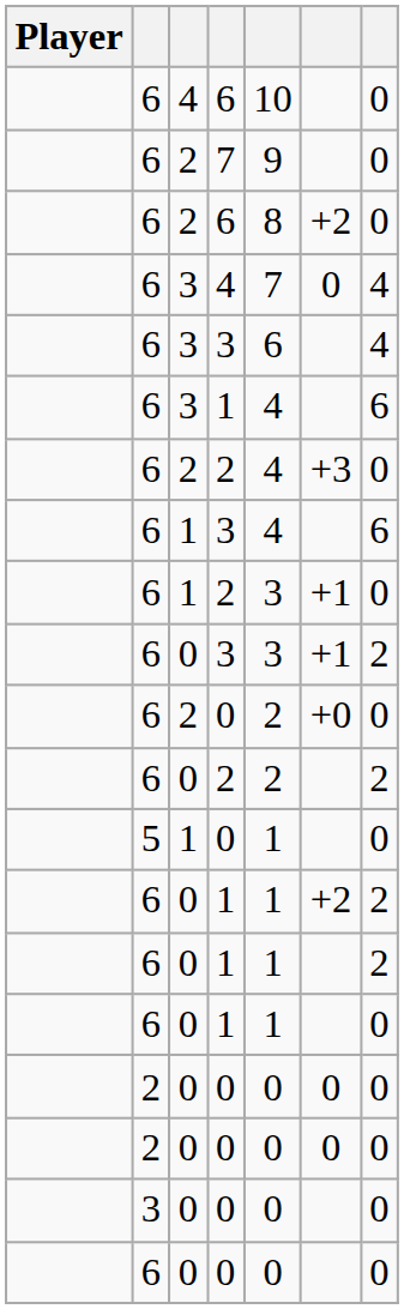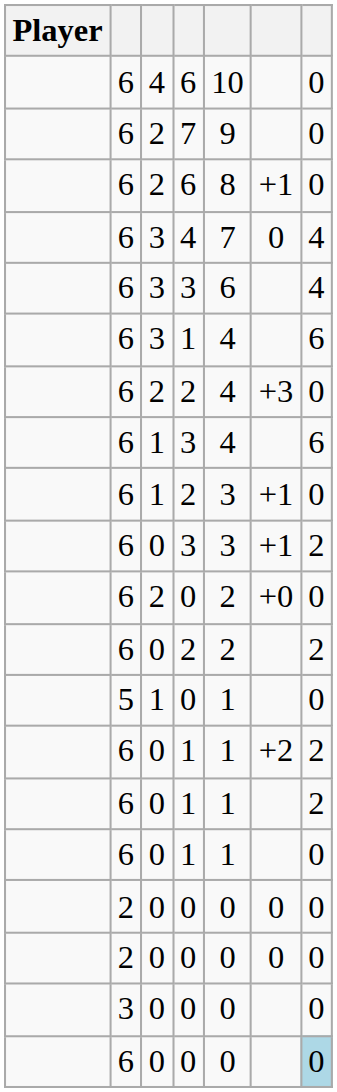 <table class="wikitable sortable" style="text-align:center;">
 <tr>
 <th>Player</th>
 <th></th>
 <th></th>
 <th></th>
 <th></th>
 <th data-sort-type="number"></th>
 <th></th>
 </tr>
 <tr>
 <td></td>
 <td>6</td>
 <td>4</td>
 <td>6</td>
 <td>10</td>
 <td></td>
 <td>0</td>
 </tr>
 <tr>
 <td></td>
 <td>6</td>
 <td>2</td>
 <td>7</td>
 <td>9</td>
 <td></td>
 <td>0</td>
 </tr>
 <tr>
 <td></td>
 <td>6</td>
 <td>2</td>
 <td>6</td>
 <td>8</td>
-<td>+2</td>
+<td>+1</td>
 <td>0</td>
 </tr>
 <tr>
 <td></td>
 <td>6</td>
 <td>3</td>
 <td>4</td>
 <td>7</td>
 <td>0</td>
 <td>4</td>
 </tr>
 <tr>
 <td></td>
 <td>6</td>
 <td>3</td>
 <td>3</td>
 <td>6</td>
 <td></td>
 <td>4</td>
 </tr>
 <tr>
 <td></td>
 <td>6</td>
 <td>3</td>
 <td>1</td>
 <td>4</td>
 <td></td>
 <td>6</td>
 </tr>
 <tr>
 <td></td>
 <td>6</td>
 <td>2</td>
 <td>2</td>
 <td>4</td>
 <td>+3</td>
 <td>0</td>
 </tr>
 <tr>
 <td></td>
 <td>6</td>
 <td>1</td>
 <td>3</td>
 <td>4</td>
 <td></td>
 <td>6</td>
 </tr>
 <tr>
 <td></td>
 <td>6</td>
 <td>1</td>
 <td>2</td>
 <td>3</td>
 <td>+1</td>
 <td>0</td>
 </tr>
 <tr>
 <td></td>
 <td>6</td>
 <td>0</td>
 <td>3</td>
 <td>3</td>
 <td>+1</td>
 <td>2</td>
 </tr>
 <tr>
 <td></td>
 <td>6</td>
 <td>2</td>
 <td>0</td>
 <td>2</td>
 <td>+0</td>
 <td>0</td>
 </tr>
 <tr>
 <td></td>
 <td>6</td>
 <td>0</td>
 <td>2</td>
 <td>2</td>
 <td></td>
 <td>2</td>
 </tr>
 <tr>
 <td></td>
 <td>5</td>
 <td>1</td>
 <td>0</td>
 <td>1</td>
 <td></td>
 <td>0</td>
 </tr>
 <tr>
 <td></td>
 <td>6</td>
 <td>0</td>
 <td>1</td>
 <td>1</td>
 <td>+2</td>
 <td>2</td>
 </tr>
 <tr>
 <td></td>
 <td>6</td>
 <td>0</td>
 <td>1</td>
 <td>1</td>
 <td></td>
 <td>2</td>
 </tr>
 <tr>
 <td></td>
 <td>6</td>
 <td>0</td>
 <td>1</td>
 <td>1</td>
 <td></td>
 <td>0</td>
 </tr>
 <tr>
 <td></td>
 <td>2</td>
 <td>0</td>
 <td>0</td>
 <td>0</td>
 <td>0</td>
 <td>0</td>
 </tr>
 <tr>
 <td></td>
 <td>2</td>
 <td>0</td>
 <td>0</td>
 <td>0</td>
 <td>0</td>
 <td>0</td>
 </tr>
 <tr>
 <td></td>
 <td>3</td>
 <td>0</td>
 <td>0</td>
 <td>0</td>
 <td></td>
 <td>0</td>
 </tr>
 <tr>
 <td></td>
 <td>6</td>
 <td>0</td>
 <td>0</td>
 <td>0</td>
 <td></td>
-<td>0</td>
+<td style="background: lightblue;">0</td>
 </tr>
 <tr>
 </tr>
 </table>
